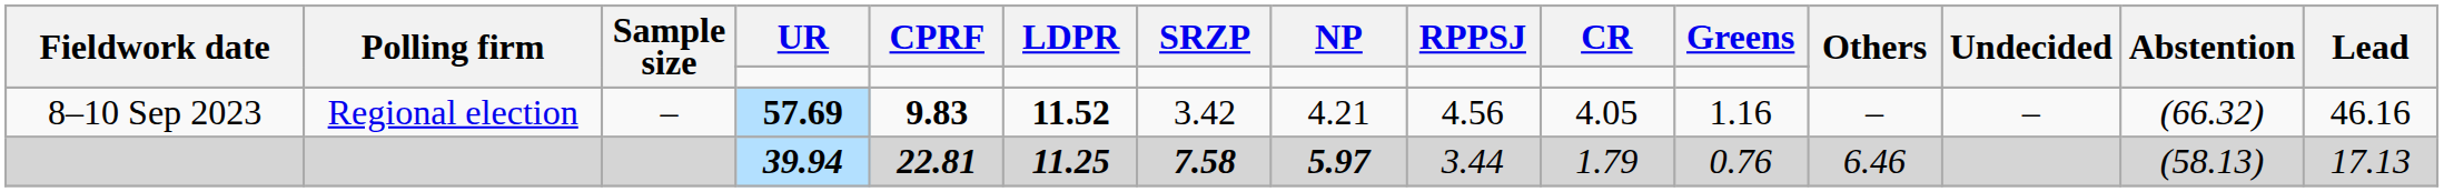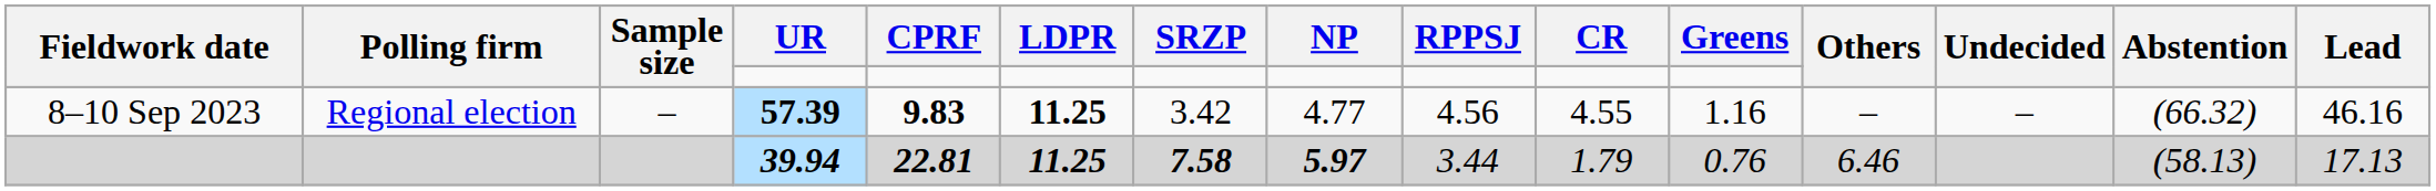 <table class=wikitable style="font-size:95%; line-height:14px; text-align:center">
 <tr>
 <th style=width:120px; rowspan=2>Fieldwork date</th>
 <th style=width:120px; rowspan=2>Polling firm</th>
 <th style=width:50px; rowspan=2>Sample<br>size</th>
 <th style="width:50px;"><a href='#'>UR</a></th>
 <th style="width:50px;"><a href='#'>CPRF</a></th>
 <th style="width:50px;"><a href='#'>LDPR</a></th>
 <th style="width:50px;"><a href='#'>SRZP</a></th>
 <th style="width:50px;"><a href='#'>NP</a></th>
 <th style="width:50px;"><a href='#'>RPPSJ</a></th>
 <th style="width:50px;"><a href='#'>CR</a></th>
 <th style="width:50px;"><a href='#'>Greens</a></th>
 <th style="width:50px;" rowspan=2>Others</th>
 <th style="width:50px;" rowspan=2>Undecided</th>
 <th style="width:50px;" rowspan=2>Abstention</th>
 <th style="width:50px;" rowspan="2">Lead</th>
 </tr>
 <tr>
 <td bgcolor=></td>
 <td bgcolor=></td>
 <td bgcolor=></td>
 <td bgcolor=></td>
 <td bgcolor=></td>
 <td bgcolor=></td>
 <td bgcolor=></td>
 <td bgcolor=></td>
 </tr>
 <tr>
 <td>8–10 Sep 2023</td>
 <td><a href='#'>Regional election</a></td>
 <td>–</td>
-<td style="background:#B3E0FF"><strong>57.69</strong></td>
+<td style="background:#B3E0FF"><strong>57.39</strong></td>
 <td><strong>9.83</strong></td>
-<td><strong>11.52</strong></td>
+<td><strong>11.25</strong></td>
 <td>3.42</td>
-<td>4.21</td>
+<td>4.77</td>
 <td>4.56</td>
-<td>4.05</td>
+<td>4.55</td>
 <td>1.16</td>
 <td>–</td>
 <td>–</td>
 <td><em>(66.32)</em></td>
 <td style="background:">46.16</td>
 </tr>
 <tr style="background:#D5D5D5">
 <td></td>
 <td></td>
 <td></td>
 <td style="background:#B3E0FF"><strong><em>39.94</em></strong></td>
 <td><strong><em>22.81</em></strong></td>
 <td><strong><em>11.25</em></strong></td>
 <td><strong><em>7.58</em></strong></td>
 <td><strong><em>5.97</em></strong></td>
 <td><em>3.44</em></td>
 <td><em>1.79</em></td>
 <td><em>0.76</em></td>
 <td><em>6.46</em></td>
 <td></td>
 <td><em>(58.13)</em></td>
 <td style="background:"><em>17.13</em></td>
 </tr>
 </table>
